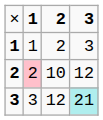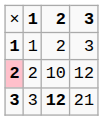 <table class="wikitable" style="float:right; text-align:right">
 <tr>
 <td>×</td>
 <td><strong>1</strong></td>
 <td><strong>2</strong></td>
 <td><strong>3</strong></td>
 </tr>
 <tr>
 <td><strong>1</strong></td>
 <td>1</td>
 <td>2</td>
 <td>3</td>
 </tr>
 <tr>
-<td><strong>2</strong></td>
-<td style="background: pink;">2</td>
+<td style="background: pink;"><strong>2</strong></td>
+<td>2</td>
 <td>10</td>
 <td>12</td>
 </tr>
 <tr>
 <td><strong>3</strong></td>
 <td>3</td>
-<td>12</td>
-<td style="background: paleturquoise;">21</td>
+<td><strong>12</strong></td>
+<td>21</td>
 </tr>
 </table>
